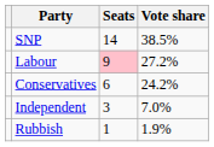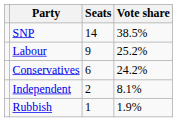 <table class="wikitable">
 <tr>
 <th></th>
 <th scope="col">Party</th>
 <th scope="col">Seats</th>
 <th scope="col">Vote share</th>
 </tr>
 <tr>
 <td style="background-color: "></td>
 <td scope="row"><a href='#'>SNP</a></td>
 <td>14</td>
 <td>38.5%</td>
 </tr>
 <tr>
 <td style="background-color: "></td>
 <td scope="row"><a href='#'>Labour</a></td>
-<td style="background: pink;">9</td>
-<td>27.2%</td>
+<td>9</td>
+<td>25.2%</td>
 </tr>
 <tr>
 <td style="background-color: "></td>
 <td scope="row"><a href='#'>Conservatives</a></td>
 <td>6</td>
 <td>24.2%</td>
 </tr>
 <tr>
 <td style="background-color: "></td>
 <td scope="row"><a href='#'>Independent</a></td>
-<td>3</td>
-<td>7.0%</td>
+<td>2</td>
+<td>8.1%</td>
 </tr>
 <tr>
 <td style="background-color: "></td>
 <td scope="row"><a href='#'>Rubbish</a></td>
 <td>1</td>
 <td>1.9%</td>
 </tr>
 </table>
